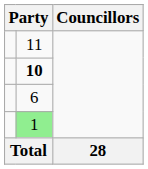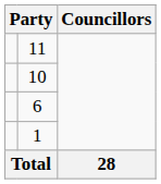 <table class="wikitable">
 <tr>
 <th colspan=2>Party</th>
 <th>Councillors</th>
 </tr>
 <tr>
 <td></td>
 <td align=center>11</td>
 </tr>
 <tr>
 <td></td>
-<td align=center><strong>10</strong></td>
+<td align=center>10</td>
 </tr>
 <tr>
 <td></td>
 <td align=center>6</td>
 </tr>
 <tr>
 <td></td>
-<td align=center style="background: lightgreen;">1</td>
+<td align=center>1</td>
 </tr>
 <tr>
 <th colspan=2>Total</th>
 <th align=center>28</th>
 </tr>
 </table>
